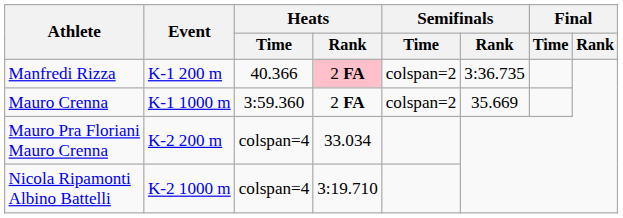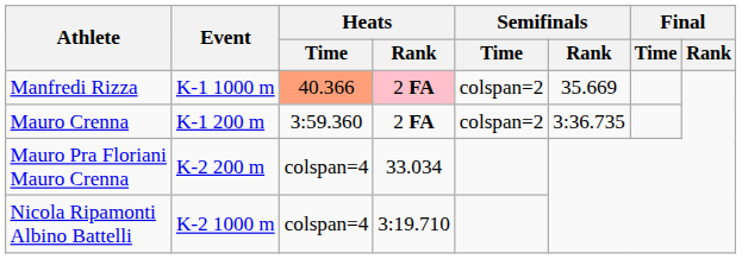 <table class=wikitable style="font-size:90%;">
 <tr>
 <th rowspan=2>Athlete</th>
 <th rowspan=2>Event</th>
 <th colspan=2>Heats</th>
 <th colspan=2>Semifinals</th>
 <th colspan=2>Final</th>
 </tr>
 <tr style="font-size:95%">
 <th>Time</th>
 <th>Rank</th>
 <th>Time</th>
 <th>Rank</th>
 <th>Time</th>
 <th>Rank</th>
 </tr>
 <tr align=center>
 <td align=left><a href='#'>Manfredi Rizza</a></td>
-<td align=left><a href='#'>K-1 200 m</a></td>
-<td>40.366</td>
+<td align=left><a href='#'>K-1 1000 m</a></td>
+<td style="background: lightsalmon;">40.366</td>
 <td style="background: pink;">2 <strong>FA</strong></td>
 <td>colspan=2 </td>
-<td>3:36.735</td>
+<td>35.669</td>
 <td></td>
 </tr>
 <tr align=center>
 <td align=left><a href='#'>Mauro Crenna</a></td>
-<td align=left><a href='#'>K-1 1000 m</a></td>
+<td align=left><a href='#'>K-1 200 m</a></td>
 <td>3:59.360</td>
 <td>2 <strong>FA</strong></td>
 <td>colspan=2 </td>
-<td>35.669</td>
+<td>3:36.735</td>
 <td></td>
 </tr>
 <tr align=center>
 <td align=left><a href='#'>Mauro Pra Floriani</a><br><a href='#'>Mauro Crenna</a></td>
 <td align=left><a href='#'>K-2 200 m</a></td>
 <td>colspan=4 </td>
 <td>33.034</td>
 <td></td>
 </tr>
 <tr align=center>
 <td align=left><a href='#'>Nicola Ripamonti</a><br><a href='#'>Albino Battelli</a></td>
 <td align=left><a href='#'>K-2 1000 m</a></td>
 <td>colspan=4 </td>
 <td>3:19.710</td>
 <td></td>
 </tr>
 </table>
